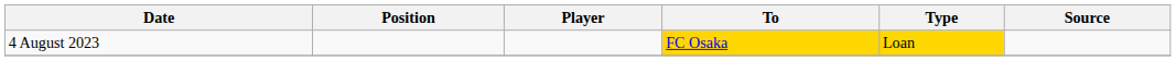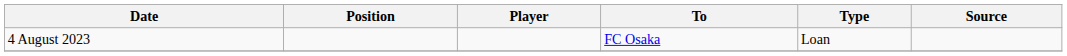 <table class="wikitable sortable" style="width:90%; text-align:center; font-size:95%; text-align:left;">
 <tr>
 <th>Date</th>
 <th>Position</th>
 <th>Player</th>
 <th>To</th>
 <th>Type</th>
 <th>Source</th>
 </tr>
 <tr>
 <td>4 August 2023</td>
 <td></td>
 <td></td>
-<td style="background: gold;"> <a href='#'>FC Osaka</a></td>
-<td style="background: gold;">Loan</td>
+<td> <a href='#'>FC Osaka</a></td>
+<td>Loan</td>
 <td></td>
 </tr>
 <tr>
 </tr>
 </table>
